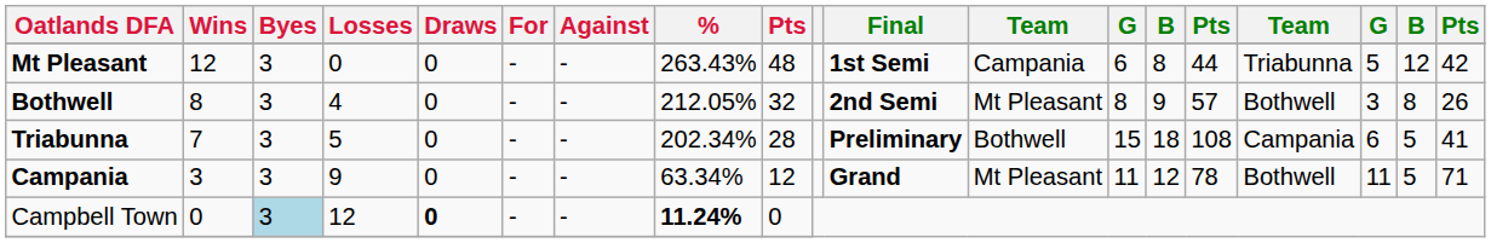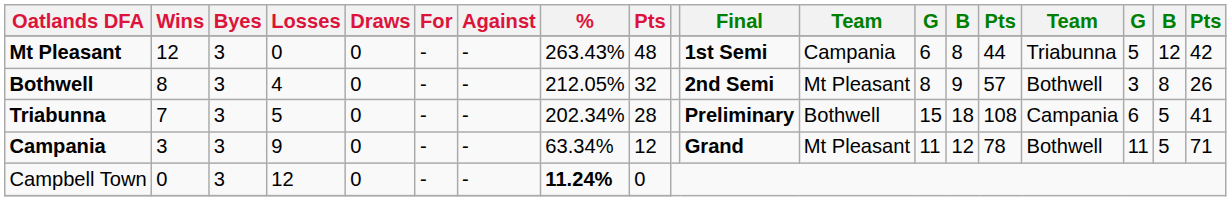 <table style="font-size: 85%; text-align: left;" class="wikitable">
 <tr>
 <th style="color:crimson">Oatlands DFA</th>
 <th style="color:crimson">Wins</th>
 <th style="color:crimson">Byes</th>
 <th style="color:crimson">Losses</th>
 <th style="color:crimson">Draws</th>
 <th style="color:crimson">For</th>
 <th style="color:crimson">Against</th>
 <th style="color:crimson">%</th>
 <th style="color:crimson">Pts</th>
 <th></th>
 <th style="color:green">Final</th>
 <th style="color:green">Team</th>
 <th style="color:green">G</th>
 <th style="color:green">B</th>
 <th style="color:green">Pts</th>
 <th style="color:green">Team</th>
 <th style="color:green">G</th>
 <th style="color:green">B</th>
 <th style="color:green">Pts</th>
 </tr>
 <tr>
 </tr>
 <tr>
 </tr>
 <tr>
 <td><strong>	Mt Pleasant	</strong></td>
 <td>12</td>
 <td>3</td>
 <td>0</td>
 <td>0</td>
 <td>-</td>
 <td>-</td>
 <td>263.43%</td>
 <td>48</td>
 <td></td>
 <td><strong>1st Semi</strong></td>
 <td>Campania</td>
 <td>6</td>
 <td>8</td>
 <td>44</td>
 <td>Triabunna</td>
 <td>5</td>
 <td>12</td>
 <td>42</td>
 </tr>
 <tr>
 <td><strong>	Bothwell </strong></td>
 <td>8</td>
 <td>3</td>
 <td>4</td>
 <td>0</td>
 <td>-</td>
 <td>-</td>
 <td>212.05%</td>
 <td>32</td>
 <td></td>
 <td><strong>2nd Semi</strong></td>
 <td>Mt Pleasant</td>
 <td>8</td>
 <td>9</td>
 <td>57</td>
 <td>Bothwell</td>
 <td>3</td>
 <td>8</td>
 <td>26</td>
 </tr>
 <tr>
 <td><strong>	Triabunna	</strong></td>
 <td>7</td>
 <td>3</td>
 <td>5</td>
 <td>0</td>
 <td>-</td>
 <td>-</td>
 <td>202.34%</td>
 <td>28</td>
 <td></td>
 <td><strong>Preliminary</strong></td>
 <td>Bothwell</td>
 <td>15</td>
 <td>18</td>
 <td>108</td>
 <td>Campania</td>
 <td>6</td>
 <td>5</td>
 <td>41</td>
 </tr>
 <tr>
 <td><strong>	Campania	</strong></td>
 <td>3</td>
 <td>3</td>
 <td>9</td>
 <td>0</td>
 <td>-</td>
 <td>-</td>
 <td>63.34%</td>
 <td>12</td>
 <td></td>
 <td><strong>Grand</strong></td>
 <td>Mt Pleasant</td>
 <td>11</td>
 <td>12</td>
 <td>78</td>
 <td>Bothwell</td>
 <td>11</td>
 <td>5</td>
 <td>71</td>
 </tr>
 <tr>
 <td>Campbell Town</td>
 <td>0</td>
-<td style="background: lightblue;">3</td>
+<td>3</td>
 <td>12</td>
-<td><strong>0</strong></td>
+<td>0</td>
 <td>-</td>
 <td>-</td>
 <td><strong>11.24%</strong></td>
 <td>0</td>
 </tr>
 <tr>
 </tr>
 </table>
